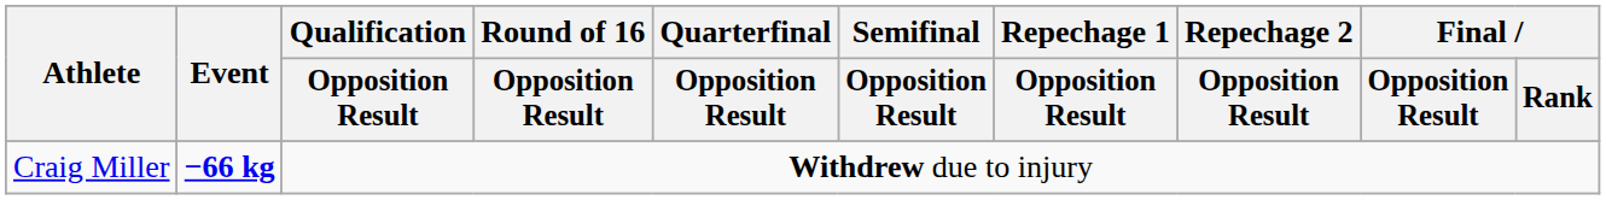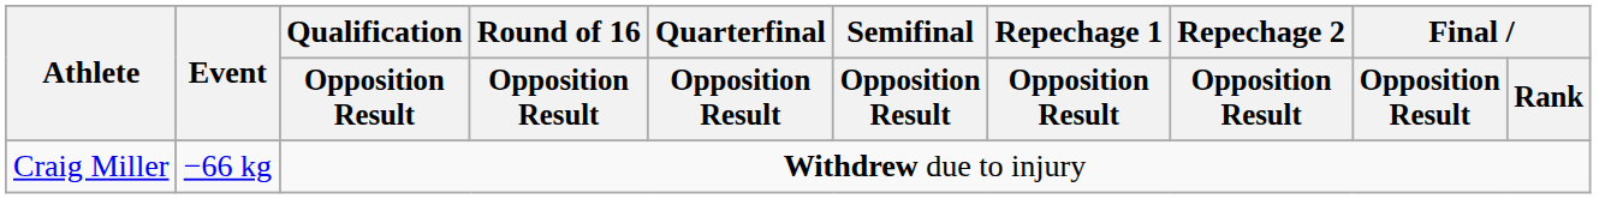 <table class="wikitable" style="font-size:90%">
 <tr>
 <th rowspan=2>Athlete</th>
 <th rowspan=2>Event</th>
 <th>Qualification</th>
 <th>Round of 16</th>
 <th>Quarterfinal</th>
 <th>Semifinal</th>
 <th>Repechage 1</th>
 <th>Repechage 2</th>
 <th colspan=2>Final / </th>
 </tr>
 <tr style="font-size: 95%">
 <th>Opposition<br>Result</th>
 <th>Opposition<br>Result</th>
 <th>Opposition<br>Result</th>
 <th>Opposition<br>Result</th>
 <th>Opposition<br>Result</th>
 <th>Opposition<br>Result</th>
 <th>Opposition<br>Result</th>
 <th>Rank</th>
 </tr>
 <tr align=center>
 <td align=left><a href='#'>Craig Miller</a></td>
-<td align=left><strong><a href='#'>−66 kg</a></strong></td>
+<td align=left><a href='#'>−66 kg</a></td>
 <td colspan=8><strong>Withdrew</strong> due to injury</td>
 </tr>
 </table>
